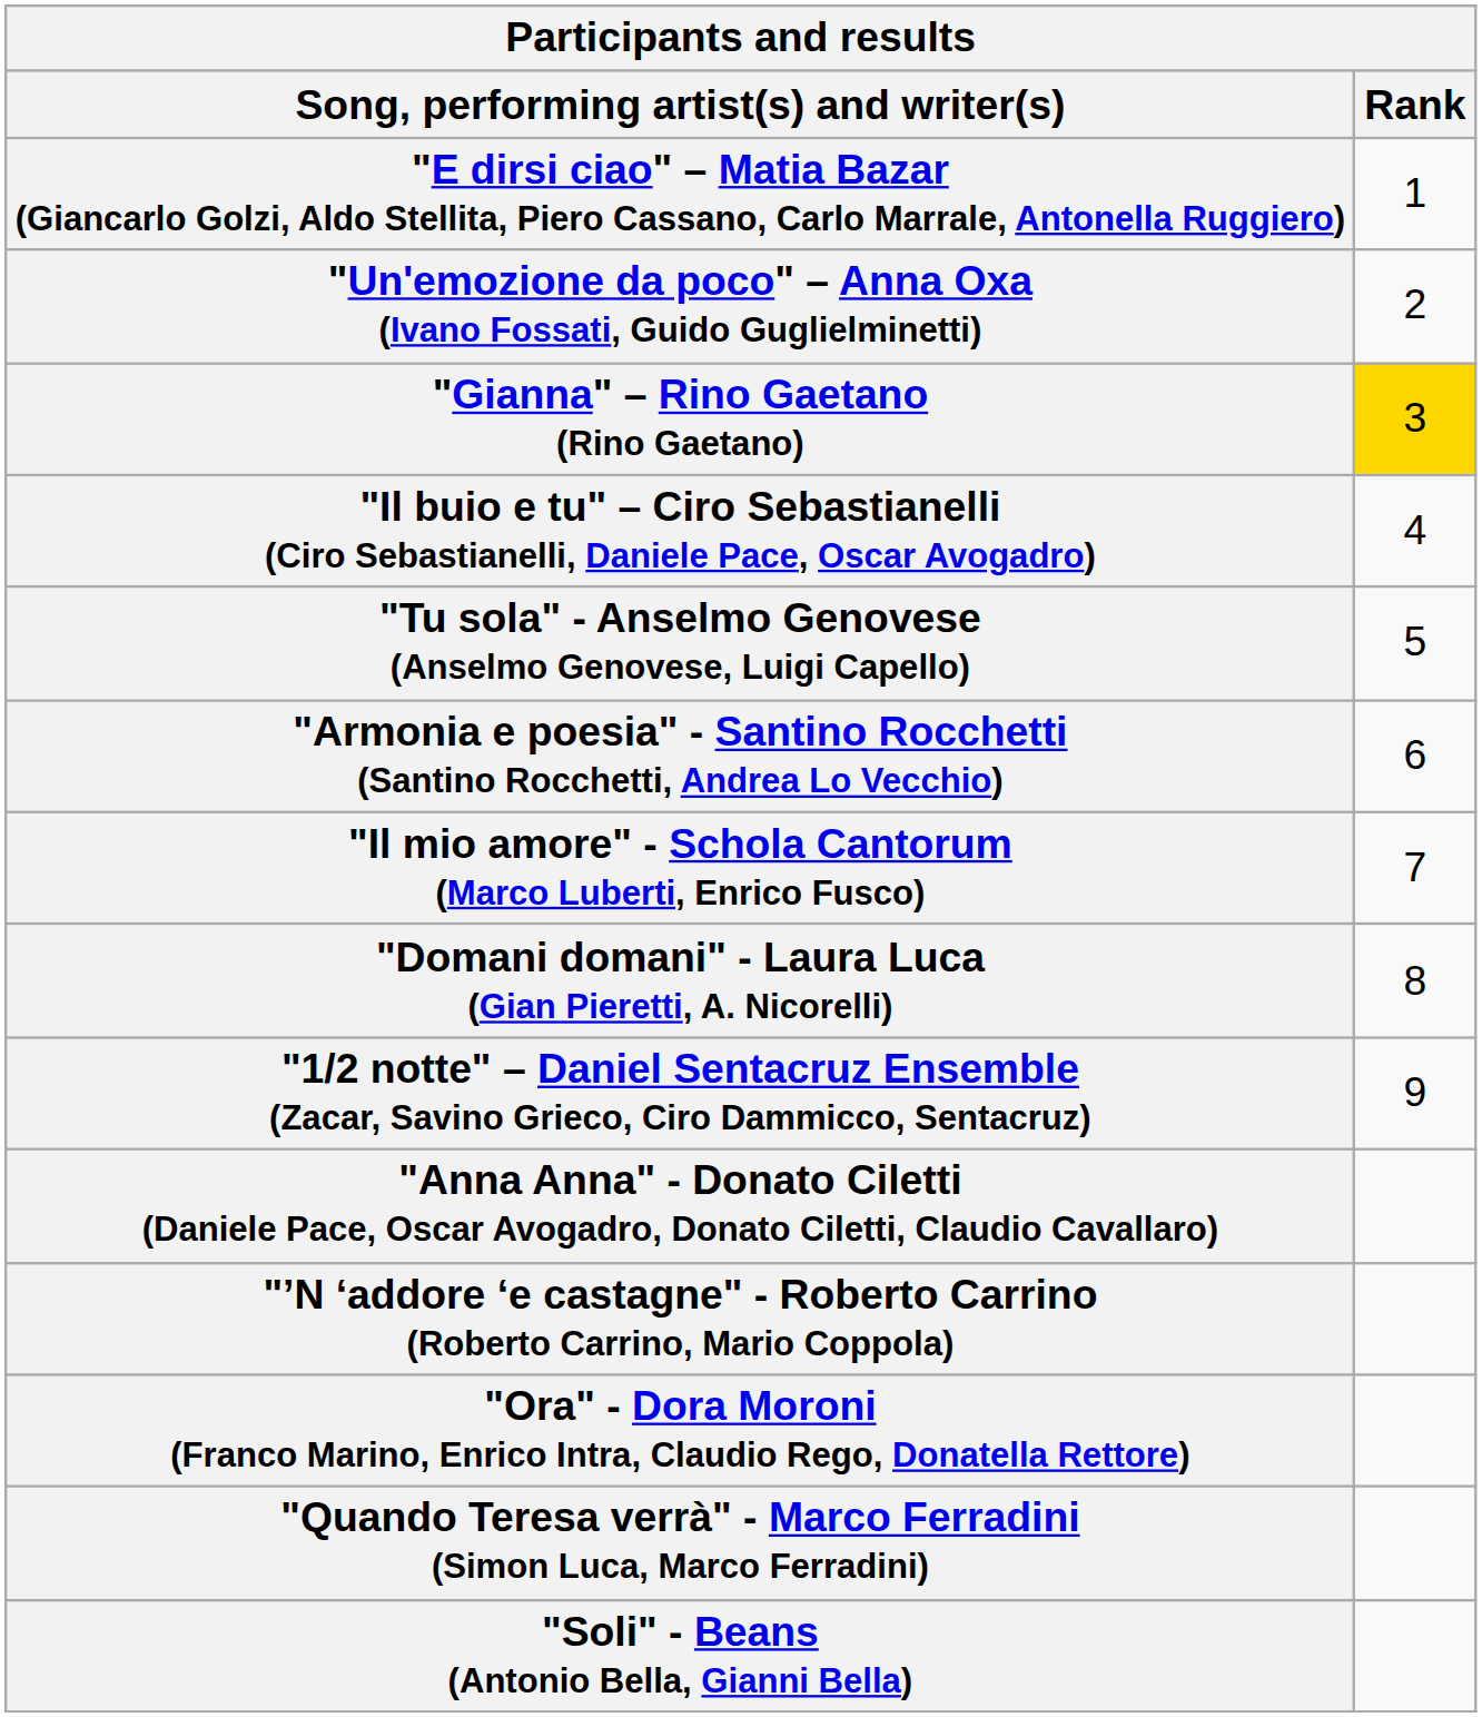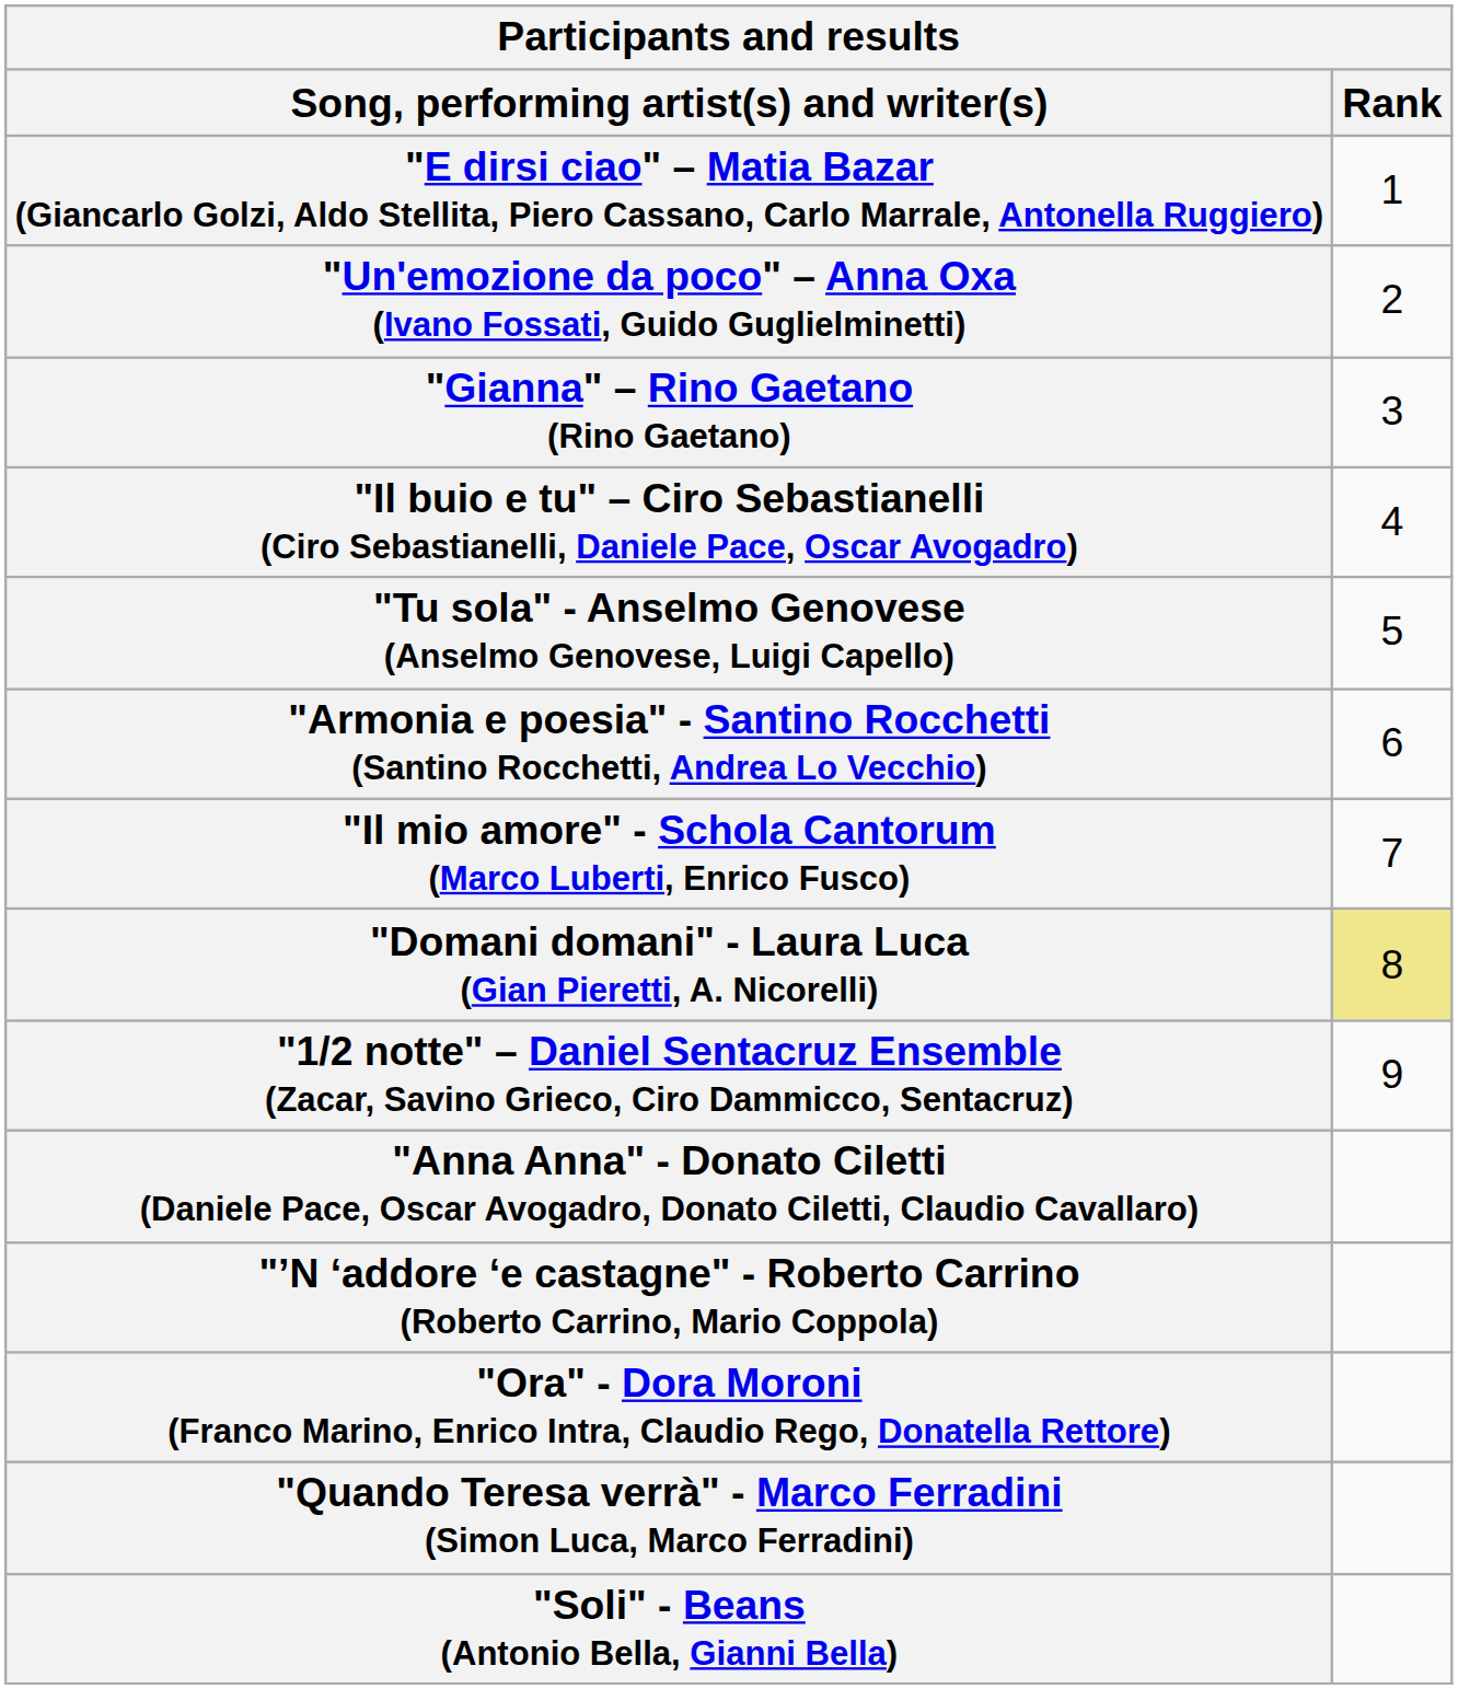 <table class="plainrowheaders wikitable">
 <tr>
 <th colspan="3">Participants and results</th>
 </tr>
 <tr>
 <th>Song, performing artist(s) and writer(s)</th>
 <th>Rank</th>
 </tr>
 <tr>
 <th scope="row">"<a href='#'>E dirsi ciao</a>" –  <a href='#'>Matia Bazar</a>  <br><small> 	(Giancarlo Golzi, Aldo Stellita, Piero Cassano, Carlo Marrale,  <a href='#'>Antonella Ruggiero</a>)</small></th>
 <td style="text-align:center;">1</td>
 </tr>
 <tr>
 <th scope="row">"<a href='#'>Un'emozione da poco</a>" – <a href='#'>Anna Oxa</a> <br><small>(<a href='#'>Ivano Fossati</a>, Guido Guglielminetti)</small></th>
 <td style="text-align:center;">2</td>
 </tr>
 <tr>
 <th scope="row">"<a href='#'>Gianna</a>" – <a href='#'>Rino Gaetano</a>  <br><small> 	(Rino Gaetano) </small></th>
-<td style="background: gold; text-align:center;">3</td>
+<td style="text-align:center;">3</td>
 </tr>
 <tr>
 <th scope="row">"Il buio e tu"  –  	Ciro Sebastianelli  <br><small>(Ciro Sebastianelli, <a href='#'>Daniele Pace</a>, <a href='#'>Oscar Avogadro</a>)</small></th>
 <td style="text-align:center;">4</td>
 </tr>
 <tr>
 <th scope="row">"Tu sola" -  	Anselmo Genovese <br><small>(Anselmo Genovese, Luigi Capello)</small></th>
 <td style="text-align:center;">5</td>
 </tr>
 <tr>
 <th scope="row">"Armonia e poesia" -  	<a href='#'>Santino Rocchetti</a> <br><small>(Santino Rocchetti, <a href='#'>Andrea Lo Vecchio</a>)</small></th>
 <td style="text-align:center;">6</td>
 </tr>
 <tr>
 <th scope="row">"Il mio amore" -   	<a href='#'>Schola Cantorum</a> <br><small> (<a href='#'>Marco Luberti</a>, Enrico Fusco) </small></th>
 <td style="text-align:center;">7</td>
 </tr>
 <tr>
 <th scope="row">"Domani domani" -   	Laura Luca  <br><small> 	(<a href='#'>Gian Pieretti</a>, A. Nicorelli)</small></th>
-<td style="text-align:center;">8</td>
+<td style="background: khaki; text-align:center;">8</td>
 </tr>
 <tr>
 <th scope="row">"1/2 notte" – 	<a href='#'>Daniel Sentacruz Ensemble</a> <br><small> 	(Zacar, Savino Grieco, Ciro Dammicco, Sentacruz)</small></th>
 <td style="text-align:center;">9</td>
 </tr>
 <tr>
 <th scope="row">"Anna Anna" - Donato Ciletti  <br><small> 	 	(Daniele Pace, Oscar Avogadro, Donato Ciletti, Claudio Cavallaro) </small></th>
 <td></td>
 </tr>
 <tr>
 <th scope="row">"’N ‘addore ‘e castagne" -  	Roberto Carrino <br><small>  	(Roberto Carrino, Mario Coppola)</small></th>
 <td></td>
 </tr>
 <tr>
 <th scope="row">"Ora" -  	<a href='#'>Dora Moroni</a> <br><small> 	(Franco Marino, Enrico Intra, Claudio Rego, <a href='#'>Donatella Rettore</a>)</small></th>
 <td></td>
 </tr>
 <tr>
 <th scope="row">"Quando Teresa verrà" - <a href='#'>Marco Ferradini</a> <br><small> 	(Simon Luca, Marco Ferradini)</small></th>
 <td></td>
 </tr>
 <tr>
 <th scope="row">"Soli" - <a href='#'>Beans</a> <br><small> 	(Antonio Bella, <a href='#'>Gianni Bella</a>) </small></th>
 <td></td>
 </tr>
 <tr>
 </tr>
 </table>
